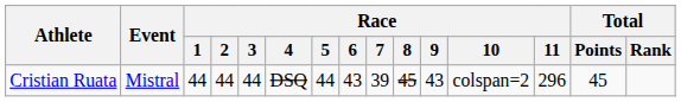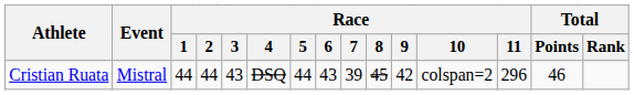 <table class=wikitable style=font-size:90%;text-align:center>
 <tr>
 <th rowspan=2>Athlete</th>
 <th rowspan=2>Event</th>
 <th colspan=11>Race</th>
 <th colspan=2>Total</th>
 </tr>
 <tr style=font-size:95%>
 <th>1</th>
 <th>2</th>
 <th>3</th>
 <th>4</th>
 <th>5</th>
 <th>6</th>
 <th>7</th>
 <th>8</th>
 <th>9</th>
 <th>10</th>
 <th>11</th>
 <th>Points</th>
 <th>Rank</th>
 </tr>
 <tr>
 <td align=left><a href='#'>Cristian Ruata</a></td>
 <td align=left><a href='#'>Mistral</a></td>
 <td>44</td>
 <td>44</td>
-<td>44</td>
+<td>43</td>
 <td><s>DSQ</s></td>
 <td>44</td>
 <td>43</td>
 <td>39</td>
 <td><s>45</s></td>
-<td>43</td>
+<td>42</td>
 <td>colspan=2 </td>
 <td>296</td>
-<td>45</td>
+<td>46</td>
 </tr>
 </table>
